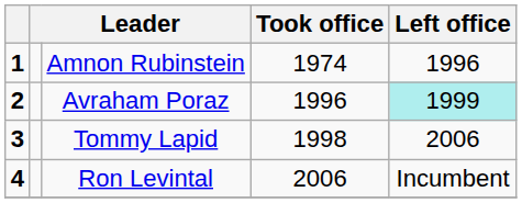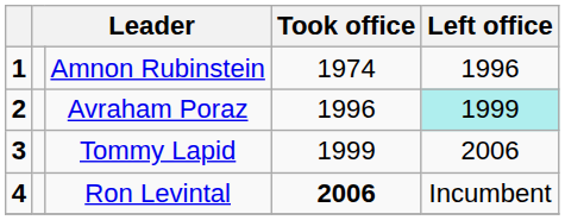 <table class="wikitable" style="text-align: center;">
 <tr>
 <th><br></th>
 <th colspan="2">Leader</th>
 <th>Took office</th>
 <th>Left office</th>
 </tr>
 <tr>
 <td style="background: "><strong>1</strong></td>
 <td></td>
 <td><a href='#'>Amnon Rubinstein</a></td>
 <td>1974</td>
 <td>1996</td>
 </tr>
 <tr>
 <td style="background: "><strong>2</strong></td>
 <td></td>
 <td><a href='#'>Avraham Poraz</a></td>
 <td>1996</td>
 <td style="background: paleturquoise;">1999</td>
 </tr>
 <tr>
 <td style="background: "><strong>3</strong></td>
 <td></td>
 <td><a href='#'>Tommy Lapid</a></td>
-<td>1998</td>
+<td>1999</td>
 <td>2006</td>
 </tr>
 <tr>
 <td style="background: "><strong>4</strong></td>
 <td></td>
 <td><a href='#'>Ron Levintal</a></td>
-<td>2006</td>
+<td><strong>2006</strong></td>
 <td>Incumbent</td>
 </tr>
 <tr>
 </tr>
 </table>
